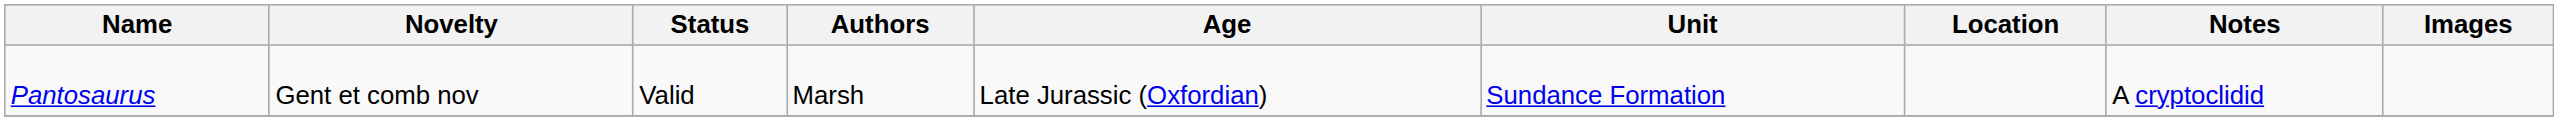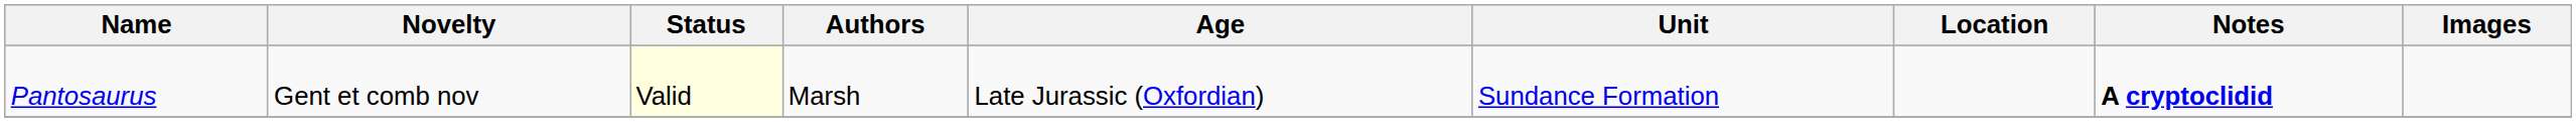 <table class="wikitable sortable" align="center" width="100%">
 <tr>
 <th>Name</th>
 <th>Novelty</th>
 <th>Status</th>
 <th>Authors</th>
 <th>Age</th>
 <th>Unit</th>
 <th>Location</th>
 <th>Notes</th>
 <th>Images</th>
 </tr>
 <tr>
 <td><br><em><a href='#'>Pantosaurus</a></em></td>
 <td><br>Gent et comb nov</td>
-<td><br>Valid</td>
+<td style="background: lightyellow;"><br>Valid</td>
 <td><br>Marsh</td>
 <td><br>Late Jurassic (<a href='#'>Oxfordian</a>)</td>
 <td><br><a href='#'>Sundance Formation</a></td>
 <td><br></td>
-<td><br>A <a href='#'>cryptoclidid</a></td>
+<td><strong><br>A <a href='#'>cryptoclidid</a></strong></td>
 <td></td>
 </tr>
 <tr>
 </tr>
 </table>
